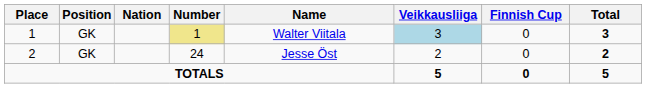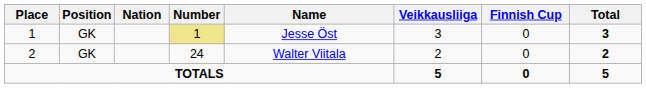 <table class="wikitable" style="font-size: 95%; text-align: center;">
 <tr>
 <th width=60>Place</th>
 <th width=60>Position</th>
 <th width=60>Nation</th>
 <th width=60>Number</th>
 <th width=200>Name</th>
 <th width=100><a href='#'>Veikkausliiga</a></th>
 <th width=100><a href='#'>Finnish Cup</a></th>
 <th width=80><strong>Total</strong></th>
 </tr>
 <tr>
 <td>1</td>
 <td>GK</td>
 <td></td>
 <td style="background: khaki;">1</td>
-<td><a href='#'>Walter Viitala</a></td>
-<td style="background: lightblue;">3</td>
+<td><a href='#'>Jesse Öst</a></td>
+<td>3</td>
 <td>0</td>
 <td><strong>3</strong></td>
 </tr>
 <tr>
 <td>2</td>
 <td>GK</td>
 <td></td>
 <td>24</td>
-<td><a href='#'>Jesse Öst</a></td>
+<td><a href='#'>Walter Viitala</a></td>
 <td>2</td>
 <td>0</td>
 <td><strong>2</strong></td>
 </tr>
 <tr>
 <td colspan="5"><strong>TOTALS</strong></td>
 <td><strong>5</strong></td>
 <td><strong>0</strong></td>
 <td><strong>5</strong></td>
 </tr>
 </table>
